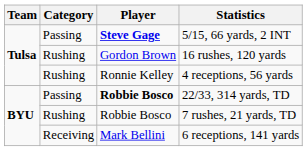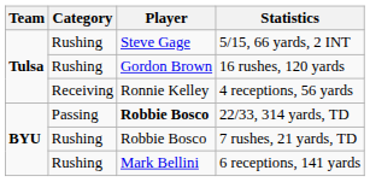 <table class="wikitable" style="float: left;">
 <tr>
 <th>Team</th>
 <th>Category</th>
 <th>Player</th>
 <th>Statistics</th>
 </tr>
 <tr>
 <td rowspan=3><strong>Tulsa</strong></td>
-<td>Passing</td>
-<td><strong><a href='#'>Steve Gage</a></strong></td>
+<td>Rushing</td>
+<td><a href='#'>Steve Gage</a></td>
 <td>5/15, 66 yards, 2 INT</td>
 </tr>
 <tr>
 <td>Rushing</td>
 <td><a href='#'>Gordon Brown</a></td>
 <td>16 rushes, 120 yards</td>
 </tr>
 <tr>
-<td>Rushing</td>
+<td>Receiving</td>
 <td>Ronnie Kelley</td>
 <td>4 receptions, 56 yards</td>
 </tr>
 <tr>
 <td rowspan=3><strong>BYU</strong></td>
 <td>Passing</td>
 <td><strong>Robbie Bosco</strong></td>
 <td>22/33, 314 yards, TD</td>
 </tr>
 <tr>
 <td>Rushing</td>
 <td>Robbie Bosco</td>
 <td>7 rushes, 21 yards, TD</td>
 </tr>
 <tr>
-<td>Receiving</td>
+<td>Rushing</td>
 <td><a href='#'>Mark Bellini</a></td>
 <td>6 receptions, 141 yards</td>
 </tr>
 </table>
